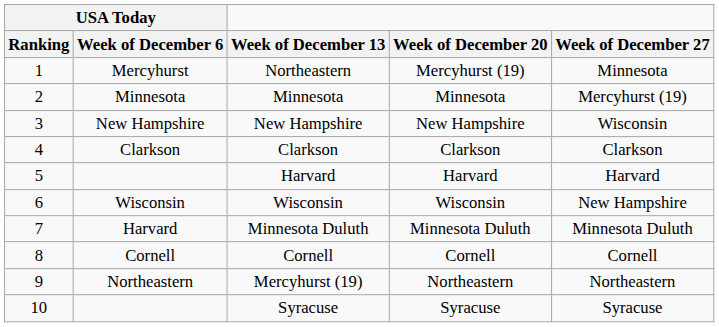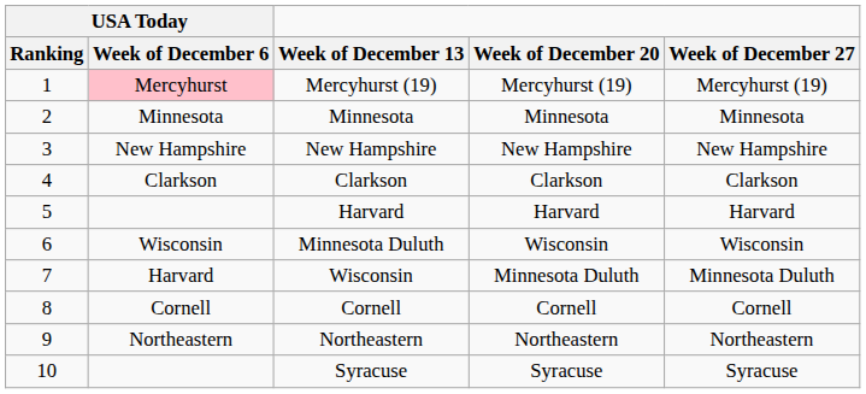 <table class="wikitable" style="text-align:center;">
 <tr>
 <th colspan=2><strong>USA Today</strong></th>
 </tr>
 <tr>
 <th>Ranking</th>
 <th>Week of December 6</th>
 <th>Week of December 13</th>
 <th>Week of December 20</th>
 <th>Week of December 27</th>
 </tr>
 <tr>
 <td>1</td>
-<td>Mercyhurst</td>
-<td>Northeastern</td>
+<td style="background: pink;">Mercyhurst</td>
 <td>Mercyhurst (19)</td>
-<td>Minnesota</td>
+<td>Mercyhurst (19)</td>
+<td>Mercyhurst (19)</td>
 </tr>
 <tr>
 <td>2</td>
 <td>Minnesota</td>
 <td>Minnesota</td>
 <td>Minnesota</td>
-<td>Mercyhurst (19)</td>
+<td>Minnesota</td>
 </tr>
 <tr>
 <td>3</td>
 <td>New Hampshire</td>
 <td>New Hampshire</td>
 <td>New Hampshire</td>
-<td>Wisconsin</td>
+<td>New Hampshire</td>
 </tr>
 <tr>
 <td>4</td>
 <td>Clarkson</td>
 <td>Clarkson</td>
 <td>Clarkson</td>
 <td>Clarkson</td>
 </tr>
 <tr>
 <td>5</td>
 <td></td>
 <td>Harvard</td>
 <td>Harvard</td>
 <td>Harvard</td>
 </tr>
 <tr>
 <td>6</td>
 <td>Wisconsin</td>
+<td>Minnesota Duluth</td>
 <td>Wisconsin</td>
 <td>Wisconsin</td>
-<td>New Hampshire</td>
 </tr>
 <tr>
 <td>7</td>
 <td>Harvard</td>
-<td>Minnesota Duluth</td>
+<td>Wisconsin</td>
 <td>Minnesota Duluth</td>
 <td>Minnesota Duluth</td>
 </tr>
 <tr>
 <td>8</td>
 <td>Cornell</td>
 <td>Cornell</td>
 <td>Cornell</td>
 <td>Cornell</td>
 </tr>
 <tr>
 <td>9</td>
 <td>Northeastern</td>
-<td>Mercyhurst (19)</td>
+<td>Northeastern</td>
 <td>Northeastern</td>
 <td>Northeastern</td>
 </tr>
 <tr>
 <td>10</td>
 <td></td>
 <td>Syracuse</td>
 <td>Syracuse</td>
 <td>Syracuse</td>
 </tr>
 </table>
